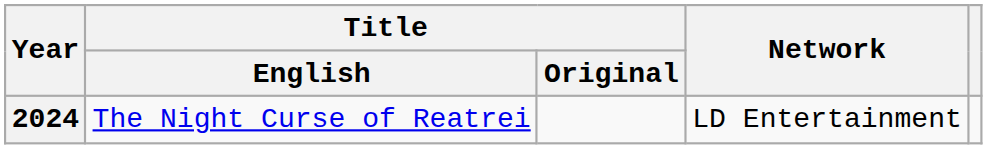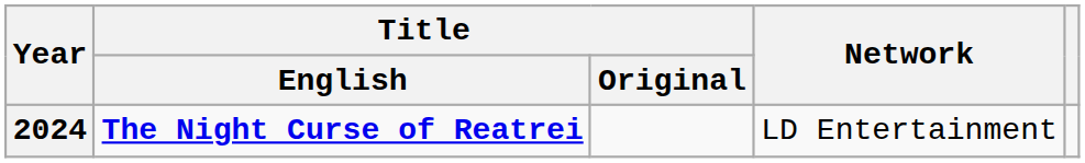 <table class="wikitable plainrowheaders sortable">
 <tr>
 <th scope="col" rowspan="2">Year</th>
 <th scope="col" colspan="2">Title</th>
 <th scope="col" rowspan="2">Network</th>
 <th scope="col" rowspan="2"></th>
 </tr>
 <tr>
 <th>English</th>
 <th>Original</th>
 </tr>
 <tr>
 <th scope="row">2024</th>
-<td><a href='#'>The Night Curse of Reatrei</a></td>
+<td><strong><a href='#'>The Night Curse of Reatrei</a></strong></td>
 <td></td>
 <td rowspan="2">LD Entertainment</td>
 <td style="text-align:center"></td>
 </tr>
 </table>
